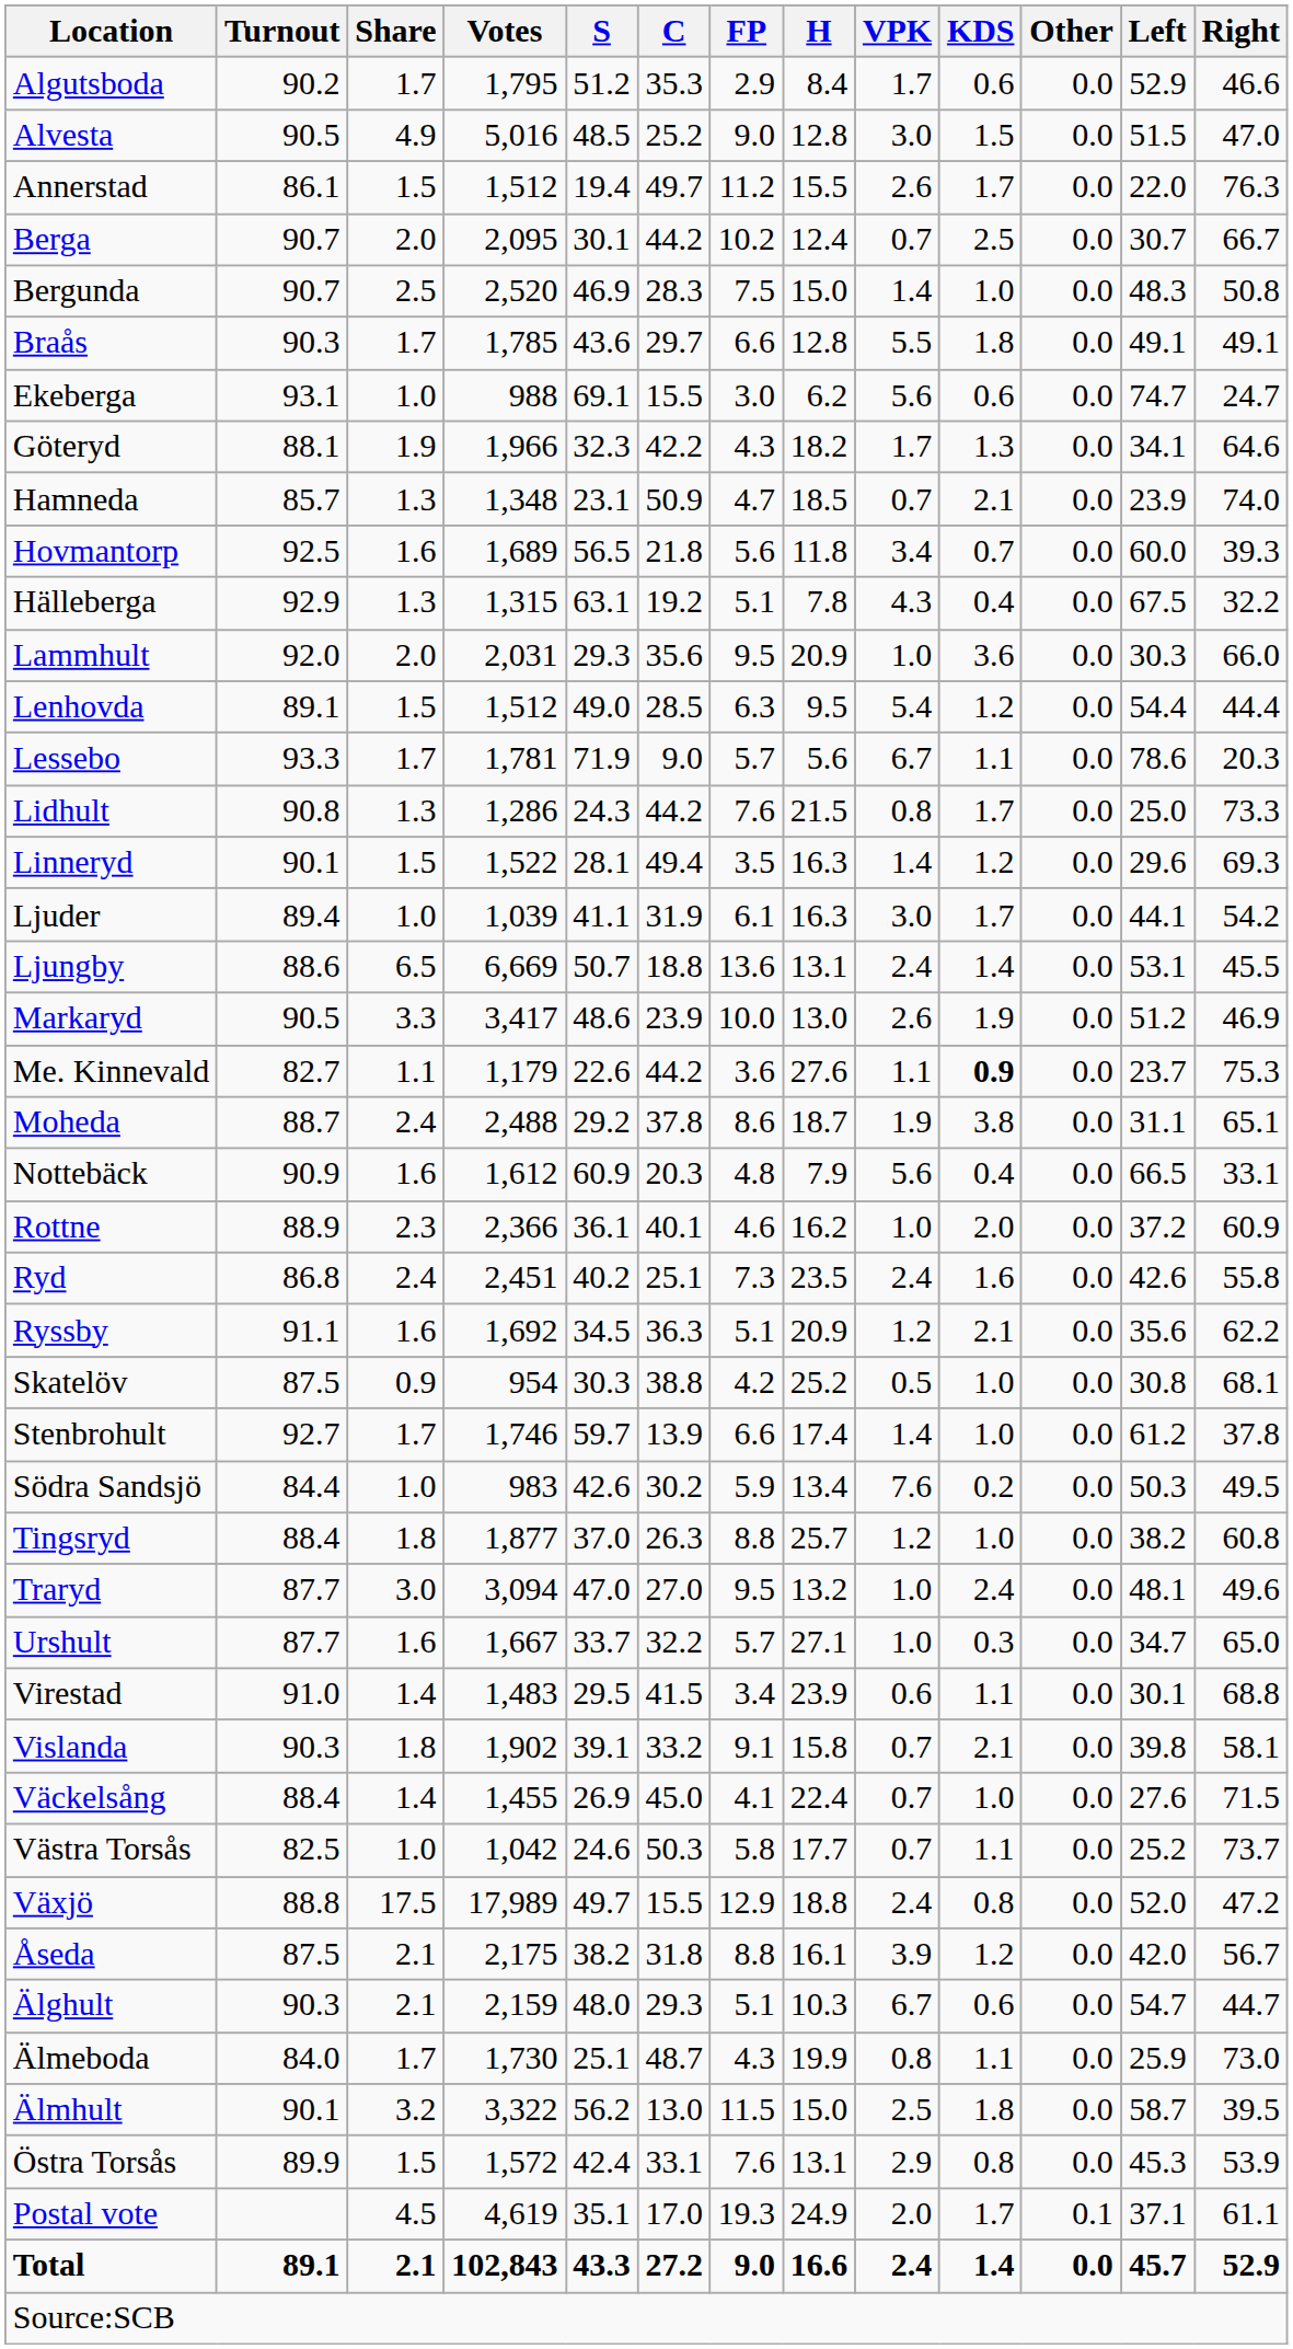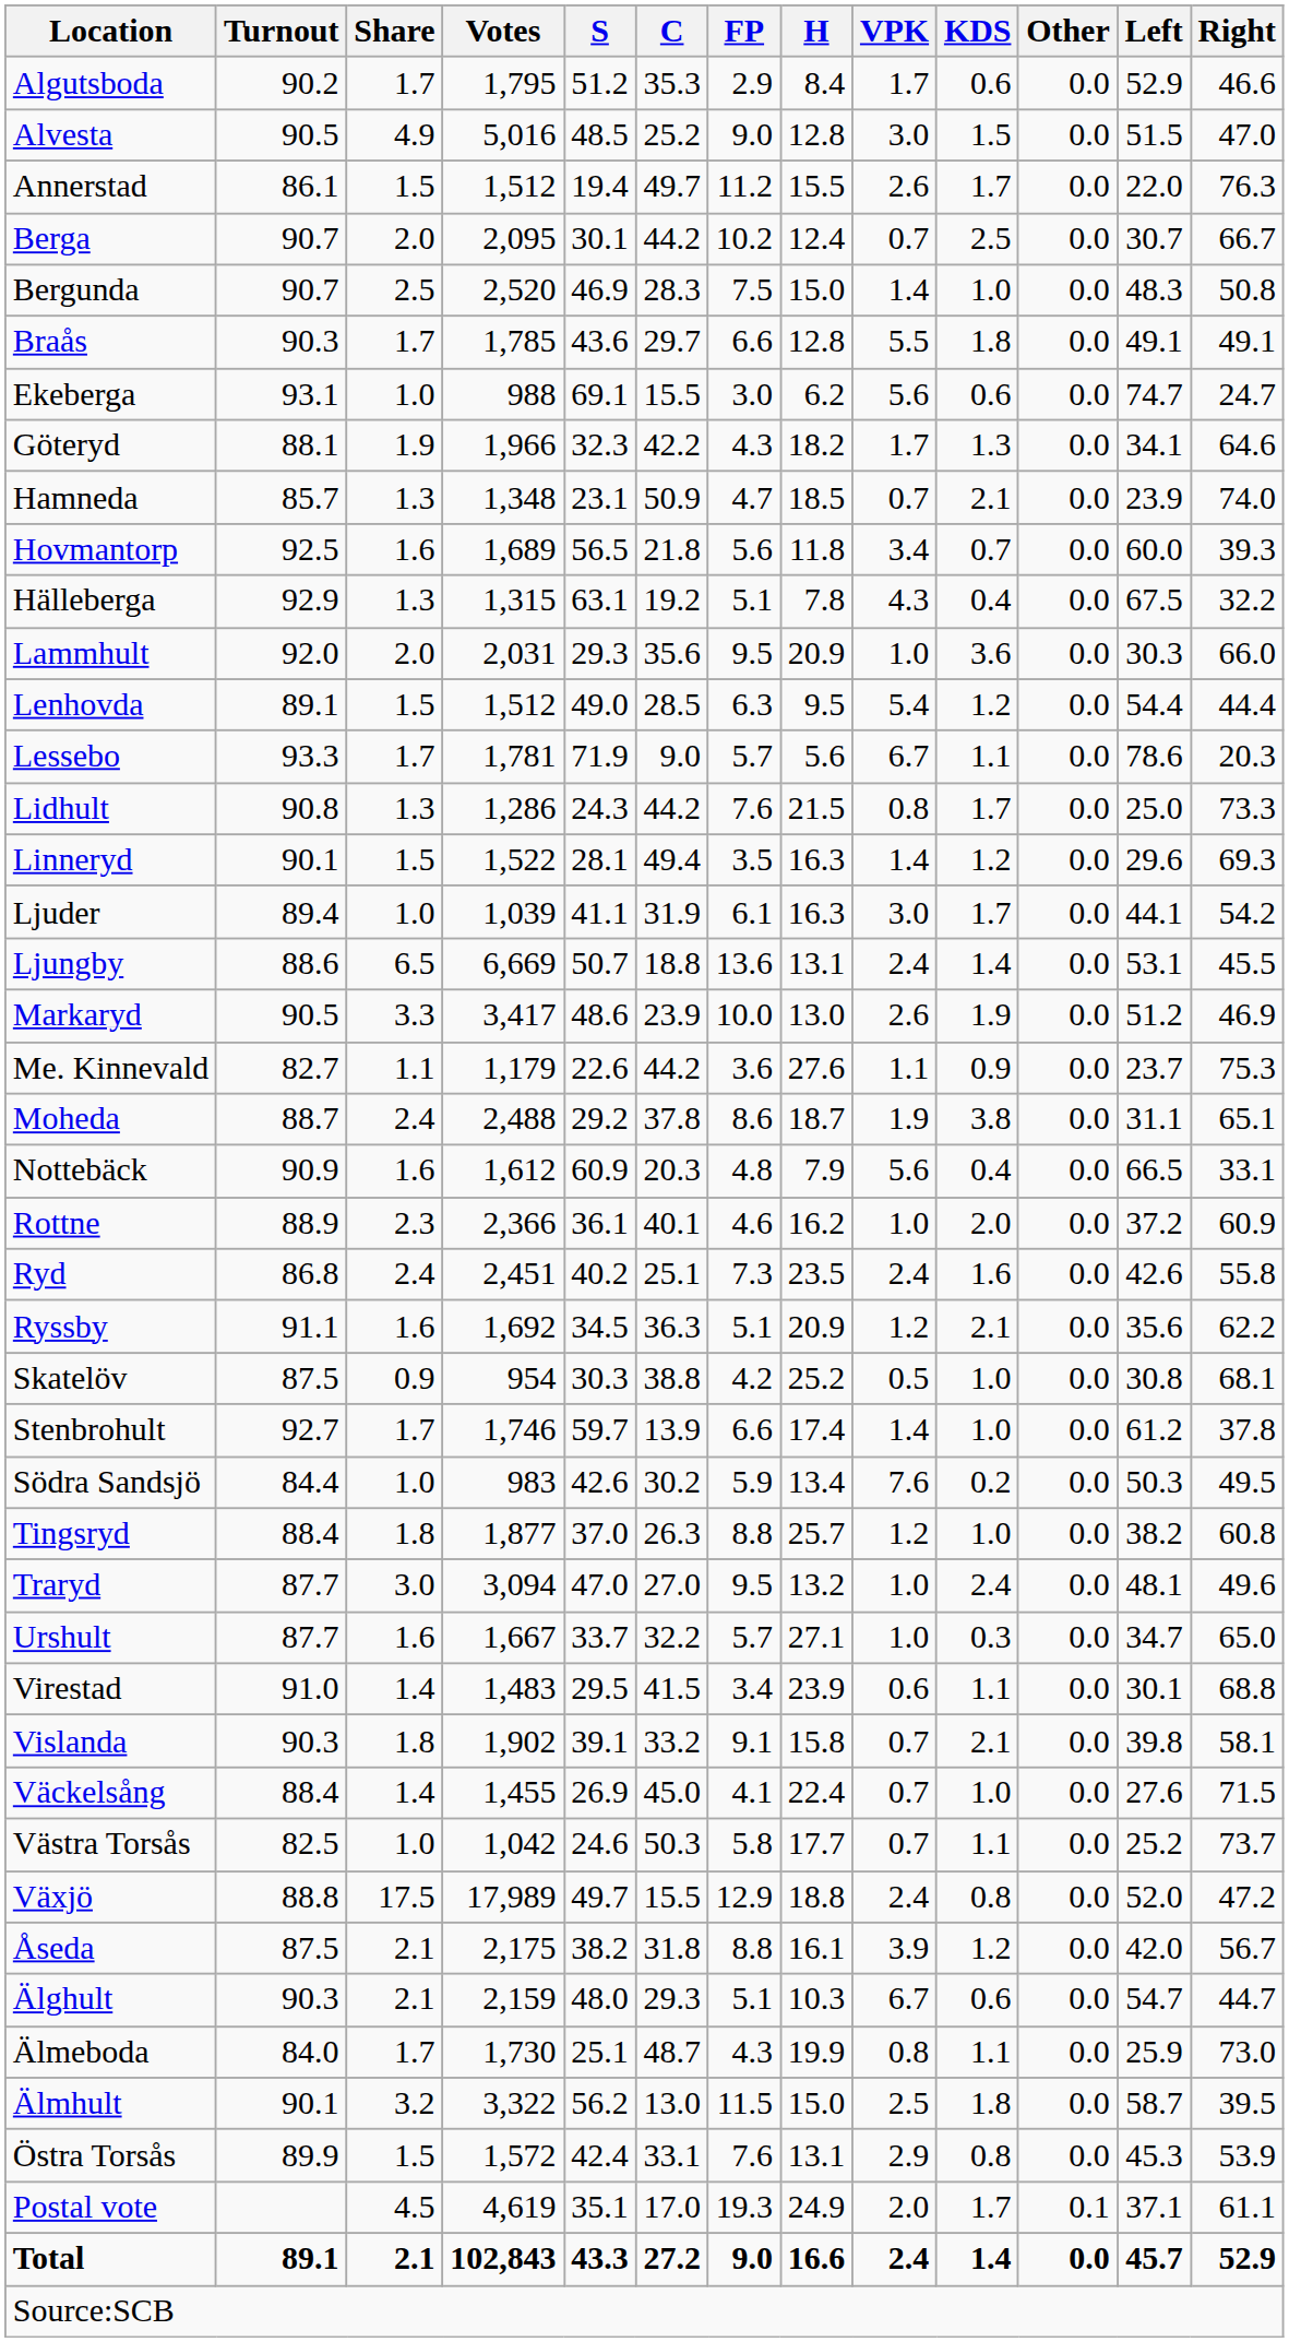 <table class="wikitable sortable" style=text-align:right>
 <tr>
 <th>Location</th>
 <th>Turnout</th>
 <th>Share</th>
 <th>Votes</th>
 <th><a href='#'>S</a></th>
 <th><a href='#'>C</a></th>
 <th><a href='#'>FP</a></th>
 <th><a href='#'>H</a></th>
 <th><a href='#'>VPK</a></th>
 <th><a href='#'>KDS</a></th>
 <th>Other</th>
 <th>Left</th>
 <th>Right</th>
 </tr>
 <tr>
 <td align=left><a href='#'>Algutsboda</a></td>
 <td>90.2</td>
 <td>1.7</td>
 <td>1,795</td>
 <td>51.2</td>
 <td>35.3</td>
 <td>2.9</td>
 <td>8.4</td>
 <td>1.7</td>
 <td>0.6</td>
 <td>0.0</td>
 <td>52.9</td>
 <td>46.6</td>
 </tr>
 <tr>
 <td align=left><a href='#'>Alvesta</a></td>
 <td>90.5</td>
 <td>4.9</td>
 <td>5,016</td>
 <td>48.5</td>
 <td>25.2</td>
 <td>9.0</td>
 <td>12.8</td>
 <td>3.0</td>
 <td>1.5</td>
 <td>0.0</td>
 <td>51.5</td>
 <td>47.0</td>
 </tr>
 <tr>
 <td align=left>Annerstad</td>
 <td>86.1</td>
 <td>1.5</td>
 <td>1,512</td>
 <td>19.4</td>
 <td>49.7</td>
 <td>11.2</td>
 <td>15.5</td>
 <td>2.6</td>
 <td>1.7</td>
 <td>0.0</td>
 <td>22.0</td>
 <td>76.3</td>
 </tr>
 <tr>
 <td align=left><a href='#'>Berga</a></td>
 <td>90.7</td>
 <td>2.0</td>
 <td>2,095</td>
 <td>30.1</td>
 <td>44.2</td>
 <td>10.2</td>
 <td>12.4</td>
 <td>0.7</td>
 <td>2.5</td>
 <td>0.0</td>
 <td>30.7</td>
 <td>66.7</td>
 </tr>
 <tr>
 <td align=left>Bergunda</td>
 <td>90.7</td>
 <td>2.5</td>
 <td>2,520</td>
 <td>46.9</td>
 <td>28.3</td>
 <td>7.5</td>
 <td>15.0</td>
 <td>1.4</td>
 <td>1.0</td>
 <td>0.0</td>
 <td>48.3</td>
 <td>50.8</td>
 </tr>
 <tr>
 <td align=left><a href='#'>Braås</a></td>
 <td>90.3</td>
 <td>1.7</td>
 <td>1,785</td>
 <td>43.6</td>
 <td>29.7</td>
 <td>6.6</td>
 <td>12.8</td>
 <td>5.5</td>
 <td>1.8</td>
 <td>0.0</td>
 <td>49.1</td>
 <td>49.1</td>
 </tr>
 <tr>
 <td align=left>Ekeberga</td>
 <td>93.1</td>
 <td>1.0</td>
 <td>988</td>
 <td>69.1</td>
 <td>15.5</td>
 <td>3.0</td>
 <td>6.2</td>
 <td>5.6</td>
 <td>0.6</td>
 <td>0.0</td>
 <td>74.7</td>
 <td>24.7</td>
 </tr>
 <tr>
 <td align=left>Göteryd</td>
 <td>88.1</td>
 <td>1.9</td>
 <td>1,966</td>
 <td>32.3</td>
 <td>42.2</td>
 <td>4.3</td>
 <td>18.2</td>
 <td>1.7</td>
 <td>1.3</td>
 <td>0.0</td>
 <td>34.1</td>
 <td>64.6</td>
 </tr>
 <tr>
 <td align=left>Hamneda</td>
 <td>85.7</td>
 <td>1.3</td>
 <td>1,348</td>
 <td>23.1</td>
 <td>50.9</td>
 <td>4.7</td>
 <td>18.5</td>
 <td>0.7</td>
 <td>2.1</td>
 <td>0.0</td>
 <td>23.9</td>
 <td>74.0</td>
 </tr>
 <tr>
 <td align=left><a href='#'>Hovmantorp</a></td>
 <td>92.5</td>
 <td>1.6</td>
 <td>1,689</td>
 <td>56.5</td>
 <td>21.8</td>
 <td>5.6</td>
 <td>11.8</td>
 <td>3.4</td>
 <td>0.7</td>
 <td>0.0</td>
 <td>60.0</td>
 <td>39.3</td>
 </tr>
 <tr>
 <td align=left>Hälleberga</td>
 <td>92.9</td>
 <td>1.3</td>
 <td>1,315</td>
 <td>63.1</td>
 <td>19.2</td>
 <td>5.1</td>
 <td>7.8</td>
 <td>4.3</td>
 <td>0.4</td>
 <td>0.0</td>
 <td>67.5</td>
 <td>32.2</td>
 </tr>
 <tr>
 <td align=left><a href='#'>Lammhult</a></td>
 <td>92.0</td>
 <td>2.0</td>
 <td>2,031</td>
 <td>29.3</td>
 <td>35.6</td>
 <td>9.5</td>
 <td>20.9</td>
 <td>1.0</td>
 <td>3.6</td>
 <td>0.0</td>
 <td>30.3</td>
 <td>66.0</td>
 </tr>
 <tr>
 <td align=left><a href='#'>Lenhovda</a></td>
 <td>89.1</td>
 <td>1.5</td>
 <td>1,512</td>
 <td>49.0</td>
 <td>28.5</td>
 <td>6.3</td>
 <td>9.5</td>
 <td>5.4</td>
 <td>1.2</td>
 <td>0.0</td>
 <td>54.4</td>
 <td>44.4</td>
 </tr>
 <tr>
 <td align=left><a href='#'>Lessebo</a></td>
 <td>93.3</td>
 <td>1.7</td>
 <td>1,781</td>
 <td>71.9</td>
 <td>9.0</td>
 <td>5.7</td>
 <td>5.6</td>
 <td>6.7</td>
 <td>1.1</td>
 <td>0.0</td>
 <td>78.6</td>
 <td>20.3</td>
 </tr>
 <tr>
 <td align=left><a href='#'>Lidhult</a></td>
 <td>90.8</td>
 <td>1.3</td>
 <td>1,286</td>
 <td>24.3</td>
 <td>44.2</td>
 <td>7.6</td>
 <td>21.5</td>
 <td>0.8</td>
 <td>1.7</td>
 <td>0.0</td>
 <td>25.0</td>
 <td>73.3</td>
 </tr>
 <tr>
 <td align=left><a href='#'>Linneryd</a></td>
 <td>90.1</td>
 <td>1.5</td>
 <td>1,522</td>
 <td>28.1</td>
 <td>49.4</td>
 <td>3.5</td>
 <td>16.3</td>
 <td>1.4</td>
 <td>1.2</td>
 <td>0.0</td>
 <td>29.6</td>
 <td>69.3</td>
 </tr>
 <tr>
 <td align=left>Ljuder</td>
 <td>89.4</td>
 <td>1.0</td>
 <td>1,039</td>
 <td>41.1</td>
 <td>31.9</td>
 <td>6.1</td>
 <td>16.3</td>
 <td>3.0</td>
 <td>1.7</td>
 <td>0.0</td>
 <td>44.1</td>
 <td>54.2</td>
 </tr>
 <tr>
 <td align=left><a href='#'>Ljungby</a></td>
 <td>88.6</td>
 <td>6.5</td>
 <td>6,669</td>
 <td>50.7</td>
 <td>18.8</td>
 <td>13.6</td>
 <td>13.1</td>
 <td>2.4</td>
 <td>1.4</td>
 <td>0.0</td>
 <td>53.1</td>
 <td>45.5</td>
 </tr>
 <tr>
 <td align=left><a href='#'>Markaryd</a></td>
 <td>90.5</td>
 <td>3.3</td>
 <td>3,417</td>
 <td>48.6</td>
 <td>23.9</td>
 <td>10.0</td>
 <td>13.0</td>
 <td>2.6</td>
 <td>1.9</td>
 <td>0.0</td>
 <td>51.2</td>
 <td>46.9</td>
 </tr>
 <tr>
 <td align=left>Me. Kinnevald</td>
 <td>82.7</td>
 <td>1.1</td>
 <td>1,179</td>
 <td>22.6</td>
 <td>44.2</td>
 <td>3.6</td>
 <td>27.6</td>
 <td>1.1</td>
-<td><strong>0.9</strong></td>
+<td>0.9</td>
 <td>0.0</td>
 <td>23.7</td>
 <td>75.3</td>
 </tr>
 <tr>
 <td align=left><a href='#'>Moheda</a></td>
 <td>88.7</td>
 <td>2.4</td>
 <td>2,488</td>
 <td>29.2</td>
 <td>37.8</td>
 <td>8.6</td>
 <td>18.7</td>
 <td>1.9</td>
 <td>3.8</td>
 <td>0.0</td>
 <td>31.1</td>
 <td>65.1</td>
 </tr>
 <tr>
 <td align=left>Nottebäck</td>
 <td>90.9</td>
 <td>1.6</td>
 <td>1,612</td>
 <td>60.9</td>
 <td>20.3</td>
 <td>4.8</td>
 <td>7.9</td>
 <td>5.6</td>
 <td>0.4</td>
 <td>0.0</td>
 <td>66.5</td>
 <td>33.1</td>
 </tr>
 <tr>
 <td align=left><a href='#'>Rottne</a></td>
 <td>88.9</td>
 <td>2.3</td>
 <td>2,366</td>
 <td>36.1</td>
 <td>40.1</td>
 <td>4.6</td>
 <td>16.2</td>
 <td>1.0</td>
 <td>2.0</td>
 <td>0.0</td>
 <td>37.2</td>
 <td>60.9</td>
 </tr>
 <tr>
 <td align=left><a href='#'>Ryd</a></td>
 <td>86.8</td>
 <td>2.4</td>
 <td>2,451</td>
 <td>40.2</td>
 <td>25.1</td>
 <td>7.3</td>
 <td>23.5</td>
 <td>2.4</td>
 <td>1.6</td>
 <td>0.0</td>
 <td>42.6</td>
 <td>55.8</td>
 </tr>
 <tr>
 <td align=left><a href='#'>Ryssby</a></td>
 <td>91.1</td>
 <td>1.6</td>
 <td>1,692</td>
 <td>34.5</td>
 <td>36.3</td>
 <td>5.1</td>
 <td>20.9</td>
 <td>1.2</td>
 <td>2.1</td>
 <td>0.0</td>
 <td>35.6</td>
 <td>62.2</td>
 </tr>
 <tr>
 <td align=left>Skatelöv</td>
 <td>87.5</td>
 <td>0.9</td>
 <td>954</td>
 <td>30.3</td>
 <td>38.8</td>
 <td>4.2</td>
 <td>25.2</td>
 <td>0.5</td>
 <td>1.0</td>
 <td>0.0</td>
 <td>30.8</td>
 <td>68.1</td>
 </tr>
 <tr>
 <td align=left>Stenbrohult</td>
 <td>92.7</td>
 <td>1.7</td>
 <td>1,746</td>
 <td>59.7</td>
 <td>13.9</td>
 <td>6.6</td>
 <td>17.4</td>
 <td>1.4</td>
 <td>1.0</td>
 <td>0.0</td>
 <td>61.2</td>
 <td>37.8</td>
 </tr>
 <tr>
 <td align=left>Södra Sandsjö</td>
 <td>84.4</td>
 <td>1.0</td>
 <td>983</td>
 <td>42.6</td>
 <td>30.2</td>
 <td>5.9</td>
 <td>13.4</td>
 <td>7.6</td>
 <td>0.2</td>
 <td>0.0</td>
 <td>50.3</td>
 <td>49.5</td>
 </tr>
 <tr>
 <td align=left><a href='#'>Tingsryd</a></td>
 <td>88.4</td>
 <td>1.8</td>
 <td>1,877</td>
 <td>37.0</td>
 <td>26.3</td>
 <td>8.8</td>
 <td>25.7</td>
 <td>1.2</td>
 <td>1.0</td>
 <td>0.0</td>
 <td>38.2</td>
 <td>60.8</td>
 </tr>
 <tr>
 <td align=left><a href='#'>Traryd</a></td>
 <td>87.7</td>
 <td>3.0</td>
 <td>3,094</td>
 <td>47.0</td>
 <td>27.0</td>
 <td>9.5</td>
 <td>13.2</td>
 <td>1.0</td>
 <td>2.4</td>
 <td>0.0</td>
 <td>48.1</td>
 <td>49.6</td>
 </tr>
 <tr>
 <td align=left><a href='#'>Urshult</a></td>
 <td>87.7</td>
 <td>1.6</td>
 <td>1,667</td>
 <td>33.7</td>
 <td>32.2</td>
 <td>5.7</td>
 <td>27.1</td>
 <td>1.0</td>
 <td>0.3</td>
 <td>0.0</td>
 <td>34.7</td>
 <td>65.0</td>
 </tr>
 <tr>
 <td align=left>Virestad</td>
 <td>91.0</td>
 <td>1.4</td>
 <td>1,483</td>
 <td>29.5</td>
 <td>41.5</td>
 <td>3.4</td>
 <td>23.9</td>
 <td>0.6</td>
 <td>1.1</td>
 <td>0.0</td>
 <td>30.1</td>
 <td>68.8</td>
 </tr>
 <tr>
 <td align=left><a href='#'>Vislanda</a></td>
 <td>90.3</td>
 <td>1.8</td>
 <td>1,902</td>
 <td>39.1</td>
 <td>33.2</td>
 <td>9.1</td>
 <td>15.8</td>
 <td>0.7</td>
 <td>2.1</td>
 <td>0.0</td>
 <td>39.8</td>
 <td>58.1</td>
 </tr>
 <tr>
 <td align=left><a href='#'>Väckelsång</a></td>
 <td>88.4</td>
 <td>1.4</td>
 <td>1,455</td>
 <td>26.9</td>
 <td>45.0</td>
 <td>4.1</td>
 <td>22.4</td>
 <td>0.7</td>
 <td>1.0</td>
 <td>0.0</td>
 <td>27.6</td>
 <td>71.5</td>
 </tr>
 <tr>
 <td align=left>Västra Torsås</td>
 <td>82.5</td>
 <td>1.0</td>
 <td>1,042</td>
 <td>24.6</td>
 <td>50.3</td>
 <td>5.8</td>
 <td>17.7</td>
 <td>0.7</td>
 <td>1.1</td>
 <td>0.0</td>
 <td>25.2</td>
 <td>73.7</td>
 </tr>
 <tr>
 <td align=left><a href='#'>Växjö</a></td>
 <td>88.8</td>
 <td>17.5</td>
 <td>17,989</td>
 <td>49.7</td>
 <td>15.5</td>
 <td>12.9</td>
 <td>18.8</td>
 <td>2.4</td>
 <td>0.8</td>
 <td>0.0</td>
 <td>52.0</td>
 <td>47.2</td>
 </tr>
 <tr>
 <td align=left><a href='#'>Åseda</a></td>
 <td>87.5</td>
 <td>2.1</td>
 <td>2,175</td>
 <td>38.2</td>
 <td>31.8</td>
 <td>8.8</td>
 <td>16.1</td>
 <td>3.9</td>
 <td>1.2</td>
 <td>0.0</td>
 <td>42.0</td>
 <td>56.7</td>
 </tr>
 <tr>
 <td align=left><a href='#'>Älghult</a></td>
 <td>90.3</td>
 <td>2.1</td>
 <td>2,159</td>
 <td>48.0</td>
 <td>29.3</td>
 <td>5.1</td>
 <td>10.3</td>
 <td>6.7</td>
 <td>0.6</td>
 <td>0.0</td>
 <td>54.7</td>
 <td>44.7</td>
 </tr>
 <tr>
 <td align=left>Älmeboda</td>
 <td>84.0</td>
 <td>1.7</td>
 <td>1,730</td>
 <td>25.1</td>
 <td>48.7</td>
 <td>4.3</td>
 <td>19.9</td>
 <td>0.8</td>
 <td>1.1</td>
 <td>0.0</td>
 <td>25.9</td>
 <td>73.0</td>
 </tr>
 <tr>
 <td align=left><a href='#'>Älmhult</a></td>
 <td>90.1</td>
 <td>3.2</td>
 <td>3,322</td>
 <td>56.2</td>
 <td>13.0</td>
 <td>11.5</td>
 <td>15.0</td>
 <td>2.5</td>
 <td>1.8</td>
 <td>0.0</td>
 <td>58.7</td>
 <td>39.5</td>
 </tr>
 <tr>
 <td align=left>Östra Torsås</td>
 <td>89.9</td>
 <td>1.5</td>
 <td>1,572</td>
 <td>42.4</td>
 <td>33.1</td>
 <td>7.6</td>
 <td>13.1</td>
 <td>2.9</td>
 <td>0.8</td>
 <td>0.0</td>
 <td>45.3</td>
 <td>53.9</td>
 </tr>
 <tr>
 <td align=left><a href='#'>Postal vote</a></td>
 <td></td>
 <td>4.5</td>
 <td>4,619</td>
 <td>35.1</td>
 <td>17.0</td>
 <td>19.3</td>
 <td>24.9</td>
 <td>2.0</td>
 <td>1.7</td>
 <td>0.1</td>
 <td>37.1</td>
 <td>61.1</td>
 </tr>
 <tr>
 <td align=left><strong>Total</strong></td>
 <td><strong>89.1</strong></td>
 <td><strong>2.1</strong></td>
 <td><strong>102,843</strong></td>
 <td><strong>43.3</strong></td>
 <td><strong>27.2</strong></td>
 <td><strong>9.0</strong></td>
 <td><strong>16.6</strong></td>
 <td><strong>2.4</strong></td>
 <td><strong>1.4</strong></td>
 <td><strong>0.0</strong></td>
 <td><strong>45.7</strong></td>
 <td><strong>52.9</strong></td>
 </tr>
 <tr>
 <td align=left colspan=13>Source:SCB </td>
 </tr>
 </table>
